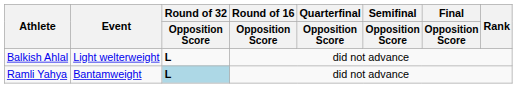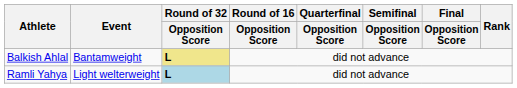 <table class="wikitable" style="font-size:90%">
 <tr>
 <th rowspan=2>Athlete</th>
 <th rowspan=2>Event</th>
 <th>Round of 32</th>
 <th>Round of 16</th>
 <th>Quarterfinal</th>
 <th>Semifinal</th>
 <th>Final</th>
 <th rowspan=2>Rank</th>
 </tr>
 <tr style="font-size:95%">
 <th>Opposition<br>Score</th>
 <th>Opposition<br>Score</th>
 <th>Opposition<br>Score</th>
 <th>Opposition<br>Score</th>
 <th>Opposition<br>Score</th>
 </tr>
 <tr>
 <td align=left><a href='#'>Balkish Ahlal</a></td>
-<td align=left><a href='#'>Light welterweight</a></td>
-<td><strong>L</strong></td>
+<td align=left><a href='#'>Bantamweight</a></td>
+<td style="background: khaki;"><strong>L</strong></td>
 <td align=center colspan=5>did not advance</td>
 </tr>
 <tr>
 <td align=left><a href='#'>Ramli Yahya</a></td>
-<td align=left><a href='#'>Bantamweight</a></td>
+<td align=left><a href='#'>Light welterweight</a></td>
 <td style="background: lightblue;"><strong>L</strong></td>
 <td align=center colspan=5>did not advance</td>
 </tr>
 </table>
